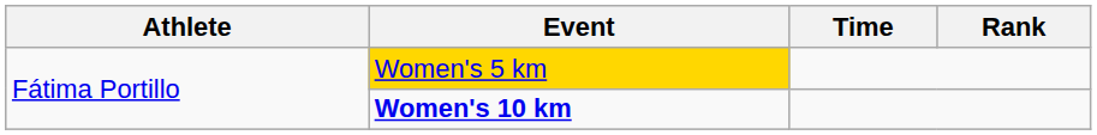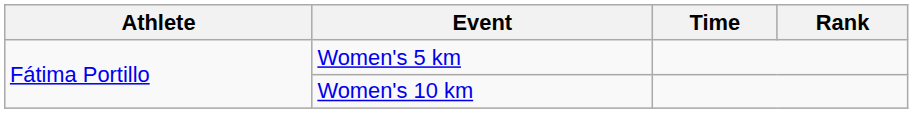 <table class="wikitable" style="text-align:center; font-size:90%; width:30%;">
 <tr>
 <th>Athlete</th>
 <th>Event</th>
 <th>Time</th>
 <th>Rank</th>
 </tr>
 <tr>
 <td align=left rowspan=2><a href='#'>Fátima Portillo</a></td>
-<td align=left style="background: gold;"><a href='#'>Women's 5 km</a></td>
+<td align=left><a href='#'>Women's 5 km</a></td>
 <td colspan=2></td>
 </tr>
 <tr>
-<td align=left><strong><a href='#'>Women's 10 km</a></strong></td>
+<td align=left><a href='#'>Women's 10 km</a></td>
 <td colspan=2></td>
 </tr>
 </table>
